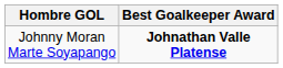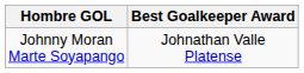 <table class="wikitable" style="margin: 0 auto;">
 <tr>
 <th>Hombre GOL</th>
 <th>Best Goalkeeper Award</th>
 </tr>
 <tr>
 <td align=center> Johnny Moran <br> <a href='#'>Marte Soyapango</a></td>
-<td align=center><strong> Johnathan Valle <br> <a href='#'>Platense</a></strong></td>
+<td align=center> Johnathan Valle <br> <a href='#'>Platense</a></td>
 </tr>
 </table>
